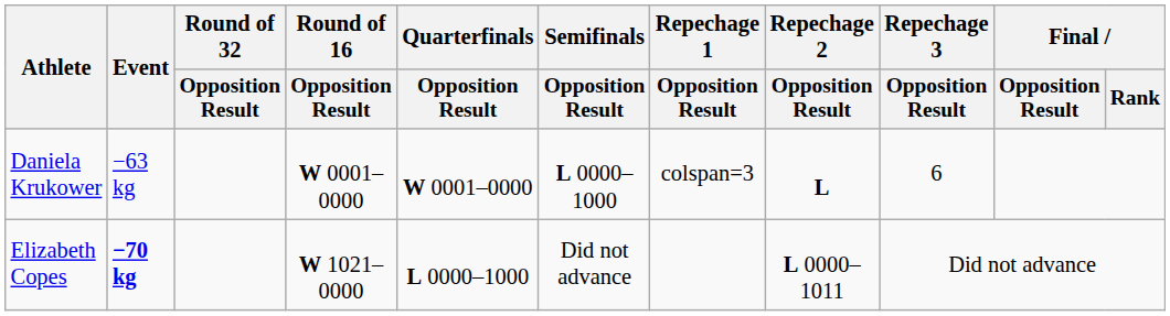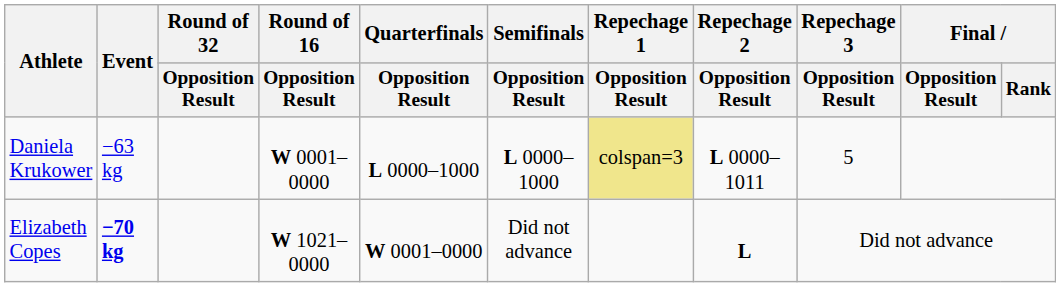 <table class="wikitable" style="font-size:90%">
 <tr>
 <th rowspan="2">Athlete</th>
 <th rowspan="2">Event</th>
 <th>Round of 32</th>
 <th>Round of 16</th>
 <th>Quarterfinals</th>
 <th>Semifinals</th>
 <th>Repechage 1</th>
 <th>Repechage 2</th>
 <th>Repechage 3</th>
 <th colspan=2>Final / </th>
 </tr>
 <tr style="font-size:95%">
 <th>Opposition<br>Result</th>
 <th>Opposition<br>Result</th>
 <th>Opposition<br>Result</th>
 <th>Opposition<br>Result</th>
 <th>Opposition<br>Result</th>
 <th>Opposition<br>Result</th>
 <th>Opposition<br>Result</th>
 <th>Opposition<br>Result</th>
 <th>Rank</th>
 </tr>
 <tr align=center>
 <td align=left><a href='#'>Daniela Krukower</a></td>
 <td align=left><a href='#'>−63 kg</a></td>
 <td></td>
 <td><br><strong>W</strong> 0001–0000</td>
-<td><br><strong>W</strong> 0001–0000</td>
 <td><br><strong>L</strong> 0000–1000</td>
-<td>colspan=3 </td>
-<td><br><strong>L</strong> </td>
-<td>6</td>
+<td><br><strong>L</strong> 0000–1000</td>
+<td style="background: khaki;">colspan=3 </td>
+<td><br><strong>L</strong> 0000–1011</td>
+<td>5</td>
 </tr>
 <tr align=center>
 <td align=left><a href='#'>Elizabeth Copes</a></td>
 <td align=left><strong><a href='#'>−70 kg</a></strong></td>
 <td></td>
 <td><br><strong>W</strong> 1021–0000</td>
-<td><br><strong>L</strong> 0000–1000</td>
+<td><br><strong>W</strong> 0001–0000</td>
 <td>Did not advance</td>
 <td></td>
-<td><br><strong>L</strong> 0000–1011</td>
+<td><br><strong>L</strong> </td>
 <td colspan=3>Did not advance</td>
 </tr>
 </table>
